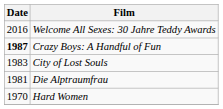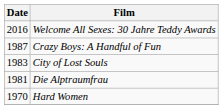 <table class="wikitable">
 <tr>
 <th>Date</th>
 <th>Film</th>
 </tr>
 <tr>
 <td>2016</td>
 <td><em>Welcome All Sexes: 30 Jahre Teddy Awards</em></td>
 </tr>
 <tr>
-<td><strong>1987</strong></td>
+<td>1987</td>
 <td><em>Crazy Boys: A Handful of Fun</em></td>
 </tr>
 <tr>
 <td>1983</td>
 <td><em>City of Lost Souls</em></td>
 </tr>
 <tr>
 <td>1981</td>
 <td><em>Die Alptraumfrau</em></td>
 </tr>
 <tr>
 <td>1970</td>
 <td><em>Hard Women</em></td>
 </tr>
 <tr>
 </tr>
 </table>
